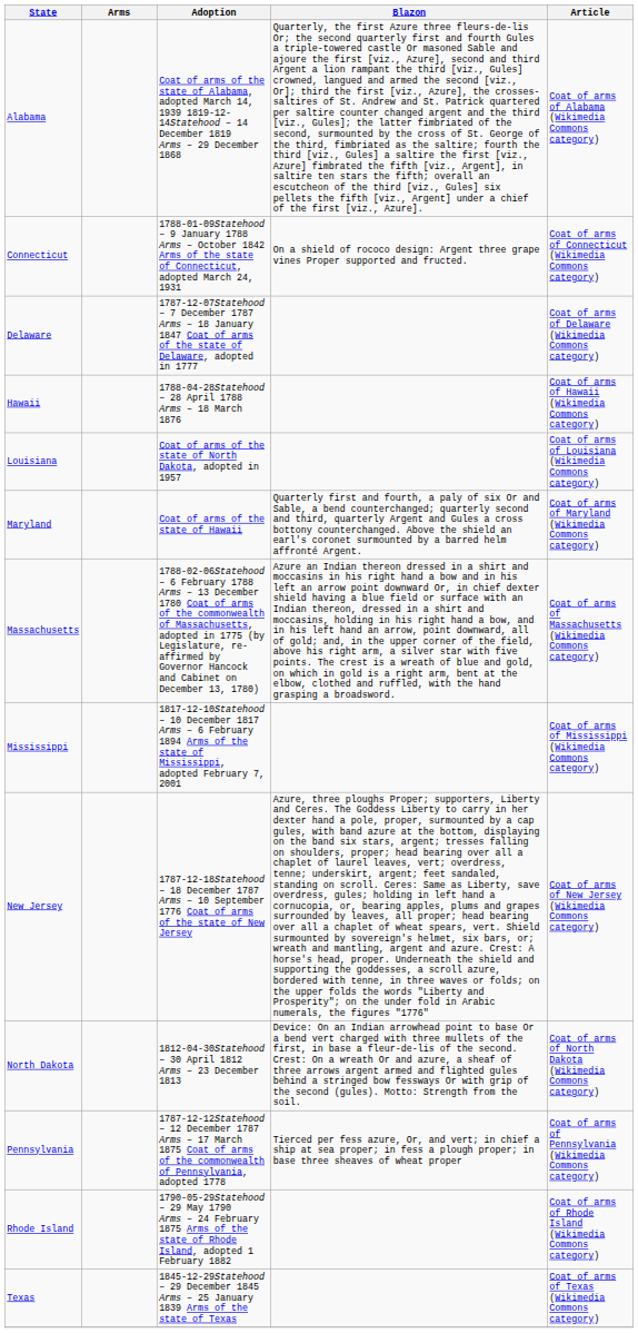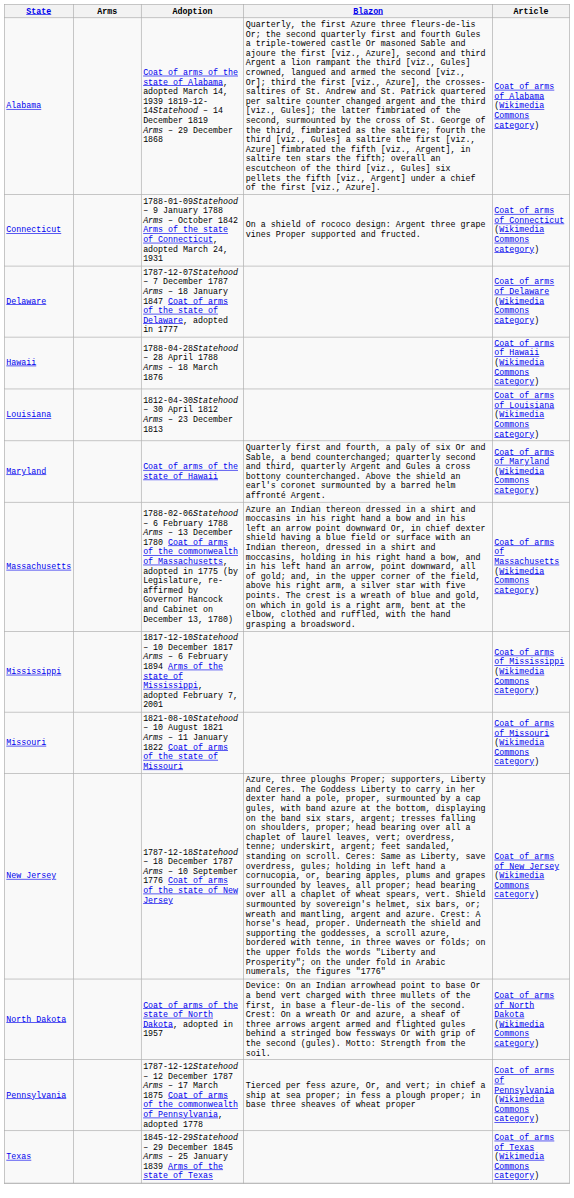 <table class="wikitable sortable" style="width:100%">
 <tr>
 <th style="width:100px"><a href='#'>State</a></th>
 <th style="width:100px" class="unsortable">Arms</th>
 <th class="unsortable">Adoption</th>
 <th class="unsortable"><a href='#'>Blazon</a></th>
 <th class="unsortable">Article</th>
 </tr>
 <tr>
 <td><a href='#'>Alabama</a></td>
 <td></td>
 <td><a href='#'>Coat of arms of the state of Alabama</a>, adopted March 14, 1939 <span>1819-12-14</span><em>Statehood</em> – 14 December 1819<br><em>Arms</em> – 29 December 1868</td>
 <td>Quarterly, the first Azure three fleurs-de-lis Or; the second quarterly first and fourth Gules a triple-towered castle Or masoned Sable and ajoure the first [viz., Azure], second and third Argent a lion rampant the third [viz., Gules] crowned, langued and armed the second [viz., Or]; third the first [viz., Azure], the crosses-saltires of St. Andrew and St. Patrick quartered per saltire counter changed argent and the third [viz., Gules]; the latter fimbriated of the second, surmounted by the cross of St. George of the third, fimbriated as the saltire; fourth the third [viz., Gules] a saltire the first [viz., Azure] fimbrated the fifth [viz., Argent], in saltire ten stars the fifth; overall an escutcheon of the third [viz., Gules] six pellets the fifth [viz., Argent] under a chief of the first [viz., Azure].</td>
 <td><a href='#'>Coat of arms of Alabama</a> (<a href='#'>Wikimedia Commons category</a>)</td>
 </tr>
 <tr>
 <td><a href='#'>Connecticut</a></td>
 <td></td>
 <td><span>1788-01-09</span><em>Statehood</em> – 9 January 1788<br><em>Arms</em> – October 1842 <a href='#'>Arms of the state of Connecticut</a>, adopted March 24, 1931</td>
 <td>On a shield of rococo design: Argent three grape vines Proper supported and fructed.</td>
 <td><a href='#'>Coat of arms of Connecticut</a> (<a href='#'>Wikimedia Commons category</a>)</td>
 </tr>
 <tr>
 <td><a href='#'>Delaware</a></td>
 <td></td>
 <td><span>1787-12-07</span><em>Statehood</em> – 7 December 1787<br><em>Arms</em> – 18 January 1847 <a href='#'>Coat of arms of the state of Delaware</a>, adopted in 1777</td>
 <td></td>
 <td><a href='#'>Coat of arms of Delaware</a> (<a href='#'>Wikimedia Commons category</a>)</td>
 </tr>
 <tr>
 <td><a href='#'>Hawaii</a></td>
 <td></td>
 <td><span>1788-04-28</span><em>Statehood</em> – 28 April 1788<br><em>Arms</em> – 18 March 1876</td>
 <td></td>
 <td><a href='#'>Coat of arms of Hawaii</a> (<a href='#'>Wikimedia Commons category</a>)</td>
 </tr>
 <tr>
 <td><a href='#'>Louisiana</a></td>
 <td></td>
-<td><a href='#'>Coat of arms of the state of North Dakota</a>, adopted in 1957</td>
+<td><span>1812-04-30</span><em>Statehood</em> – 30 April 1812<br><em>Arms</em> – 23 December 1813</td>
 <td></td>
 <td><a href='#'>Coat of arms of Louisiana</a> (<a href='#'>Wikimedia Commons category</a>)</td>
 </tr>
 <tr>
 <td><a href='#'>Maryland</a></td>
 <td></td>
 <td><a href='#'>Coat of arms of the state of Hawaii</a></td>
 <td>Quarterly first and fourth, a paly of six Or and Sable, a bend counterchanged; quarterly second and third, quarterly Argent and Gules a cross bottony counterchanged. Above the shield an earl's coronet surmounted by a barred helm affronté Argent.</td>
 <td><a href='#'>Coat of arms of Maryland</a> (<a href='#'>Wikimedia Commons category</a>)</td>
 </tr>
 <tr>
 <td><a href='#'>Massachusetts</a></td>
 <td></td>
 <td><span>1788-02-06</span><em>Statehood</em> – 6 February 1788<br><em>Arms</em> – 13 December 1780 <a href='#'>Coat of arms of the commonwealth of Massachusetts</a>, adopted in 1775 (by Legislature, re-affirmed by Governor Hancock and Cabinet on December 13, 1780)</td>
 <td>Azure an Indian thereon dressed in a shirt and moccasins in his right hand a bow and in his left an arrow point downward Or, in chief dexter shield having a blue field or surface with an Indian thereon, dressed in a shirt and moccasins, holding in his right hand a bow, and in his left hand an arrow, point downward, all of gold; and, in the upper corner of the field, above his right arm, a silver star with five points. The crest is a wreath of blue and gold, on which in gold is a right arm, bent at the elbow, clothed and ruffled, with the hand grasping a broadsword.</td>
 <td><a href='#'>Coat of arms of Massachusetts</a> (<a href='#'>Wikimedia Commons category</a>)</td>
 </tr>
 <tr>
 <td><a href='#'>Mississippi</a></td>
 <td></td>
 <td><span>1817-12-10</span><em>Statehood</em> – 10 December 1817<br><em>Arms</em> – 6 February 1894 <a href='#'>Arms of the state of Mississippi</a>, adopted February 7, 2001</td>
 <td></td>
 <td><a href='#'>Coat of arms of Mississippi</a> (<a href='#'>Wikimedia Commons category</a>)</td>
 </tr>
 <tr>
+<td><a href='#'>Missouri</a></td>
+<td></td>
+<td><span>1821-08-10</span><em>Statehood</em> – 10 August 1821<br><em>Arms</em> – 11 January 1822 <a href='#'>Coat of arms of the state of Missouri</a></td>
+<td></td>
+<td><a href='#'>Coat of arms of Missouri</a> (<a href='#'>Wikimedia Commons category</a>)</td>
+</tr>
+<tr>
 <td><a href='#'>New Jersey</a></td>
 <td></td>
 <td><span>1787-12-18</span><em>Statehood</em> – 18 December 1787<br><em>Arms</em> – 10 September 1776 <a href='#'>Coat of arms of the state of New Jersey</a></td>
 <td>Azure, three ploughs Proper; supporters, Liberty and Ceres. The Goddess Liberty to carry in her dexter hand a pole, proper, surmounted by a cap gules, with band azure at the bottom, displaying on the band six stars, argent; tresses falling on shoulders, proper; head bearing over all a chaplet of laurel leaves, vert; overdress, tenne; underskirt, argent; feet sandaled, standing on scroll. Ceres: Same as Liberty, save overdress, gules; holding in left hand a cornucopia, or, bearing apples, plums and grapes surrounded by leaves, all proper; head bearing over all a chaplet of wheat spears, vert. Shield surmounted by sovereign's helmet, six bars, or; wreath and mantling, argent and azure. Crest: A horse's head, proper. Underneath the shield and supporting the goddesses, a scroll azure, bordered with tenne, in three waves or folds; on the upper folds the words "Liberty and Prosperity"; on the under fold in Arabic numerals, the figures "1776"</td>
 <td><a href='#'>Coat of arms of New Jersey</a> (<a href='#'>Wikimedia Commons category</a>)</td>
 </tr>
 <tr>
 <td><a href='#'>North Dakota</a></td>
 <td></td>
-<td><span>1812-04-30</span><em>Statehood</em> – 30 April 1812<br><em>Arms</em> – 23 December 1813</td>
+<td><a href='#'>Coat of arms of the state of North Dakota</a>, adopted in 1957</td>
 <td>Device: On an Indian arrowhead point to base Or a bend vert charged with three mullets of the first, in base a fleur-de-lis of the second.<br>Crest: On a wreath Or and azure, a sheaf of three arrows argent armed and flighted gules behind a stringed bow fessways Or with grip of the second (gules). Motto: Strength from the soil.</td>
 <td><a href='#'>Coat of arms of North Dakota</a> (<a href='#'>Wikimedia Commons category</a>)</td>
 </tr>
 <tr>
 <td><a href='#'>Pennsylvania</a></td>
 <td></td>
 <td><span>1787-12-12</span><em>Statehood</em> – 12 December 1787<br><em>Arms</em> – 17 March 1875 <a href='#'>Coat of arms of the commonwealth of Pennsylvania</a>, adopted 1778</td>
 <td>Tierced per fess azure, Or, and vert; in chief a ship at sea proper; in fess a plough proper; in base three sheaves of wheat proper</td>
 <td><a href='#'>Coat of arms of Pennsylvania</a> (<a href='#'>Wikimedia Commons category</a>)</td>
 </tr>
 <tr>
-<td><a href='#'>Rhode Island</a></td>
-<td></td>
-<td><span>1790-05-29</span><em>Statehood</em> – 29 May 1790<br><em>Arms</em> – 24 February 1875 <a href='#'>Arms of the state of Rhode Island</a>, adopted 1 February 1882</td>
-<td></td>
-<td><a href='#'>Coat of arms of Rhode Island</a> (<a href='#'>Wikimedia Commons category</a>)</td>
-</tr>
-<tr>
 <td><a href='#'>Texas</a></td>
 <td></td>
 <td><span>1845-12-29</span><em>Statehood</em> – 29 December 1845<br><em>Arms</em> – 25 January 1839 <a href='#'>Arms of the state of Texas</a></td>
 <td></td>
 <td><a href='#'>Coat of arms of Texas</a> (<a href='#'>Wikimedia Commons category</a>)</td>
 </tr>
 <tr>
 </tr>
 </table>
